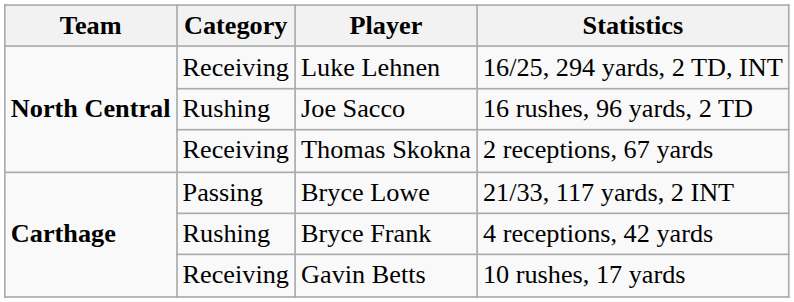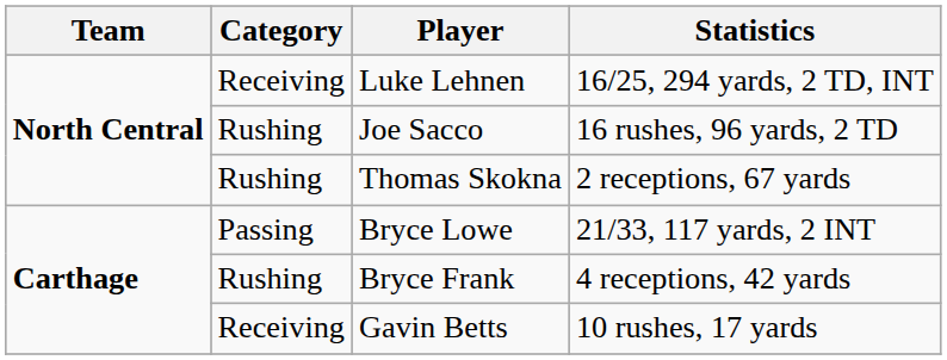 <table class="wikitable" style="float: left;">
 <tr>
 <th>Team</th>
 <th>Category</th>
 <th>Player</th>
 <th>Statistics</th>
 </tr>
 <tr>
 <td rowspan=3><strong>North Central</strong></td>
 <td>Receiving</td>
 <td>Luke Lehnen</td>
 <td>16/25, 294 yards, 2 TD, INT</td>
 </tr>
 <tr>
 <td>Rushing</td>
 <td>Joe Sacco</td>
 <td>16 rushes, 96 yards, 2 TD</td>
 </tr>
 <tr>
-<td>Receiving</td>
+<td>Rushing</td>
 <td>Thomas Skokna</td>
 <td>2 receptions, 67 yards</td>
 </tr>
 <tr>
 <td rowspan=3><strong>Carthage</strong></td>
 <td>Passing</td>
 <td>Bryce Lowe</td>
 <td>21/33, 117 yards, 2 INT</td>
 </tr>
 <tr>
 <td>Rushing</td>
 <td>Bryce Frank</td>
 <td>4 receptions, 42 yards</td>
 </tr>
 <tr>
 <td>Receiving</td>
 <td>Gavin Betts</td>
 <td>10 rushes, 17 yards</td>
 </tr>
 </table>
